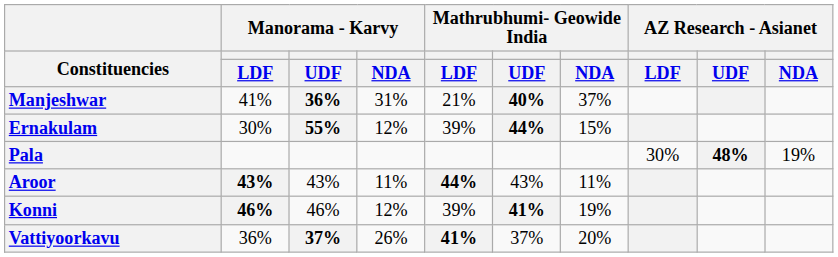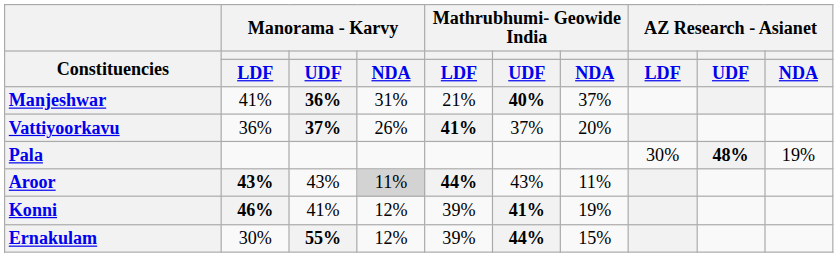 <table class="wikitable sortable" style="text-align:center;font-size:95%;line-height:16px">
 <tr>
 <th></th>
 <th width="150" colspan="3"><strong>Manorama  - Karvy</strong></th>
 <th width="150" colspan="3"><strong>Mathrubhumi- Geowide India</strong></th>
 <th colspan="3"><strong>AZ Research - Asianet</strong></th>
 </tr>
 <tr>
 <th width="175" rowspan="2"><strong>Constituencies</strong></th>
 <th style="background:"></th>
 <th style="background:"></th>
 <th style="background:"></th>
 <th style="background:"></th>
 <th style="background:"></th>
 <th style="background:"></th>
 <th style="background:"></th>
 <th style="background:"></th>
 <th style="background:"></th>
 </tr>
 <tr>
 <th width="50" class="unsortable "><a href='#'>LDF</a></th>
 <th width="50" class="unsortable "><a href='#'>UDF</a></th>
 <th width="50" class="unsortable "><a href='#'>NDA</a></th>
 <th width="50" class="unsortable "><a href='#'>LDF</a></th>
 <th width="50" class="unsortable "><a href='#'>UDF</a></th>
 <th width="50" class="unsortable "><a href='#'>NDA</a></th>
 <th width="50" class="unsortable "><a href='#'>LDF</a></th>
 <th width="50" class="unsortable "><a href='#'>UDF</a></th>
 <th width="50" class="unsortable "><a href='#'>NDA</a></th>
 </tr>
 <tr>
 <th style="text-align:left"><a href='#'>Manjeshwar</a></th>
 <td>41%</td>
 <th style="background:"><strong>36%</strong></th>
 <td>31%</td>
 <td>21%</td>
 <th style="background:"><strong>40%</strong></th>
 <td>37%</td>
 <td></td>
 <th></th>
 <td></td>
 </tr>
 <tr>
-<th style="text-align:left"><a href='#'>Ernakulam</a></th>
-<td>30%</td>
-<th style="background:"><strong>55%</strong></th>
-<td>12%</td>
-<td>39%</td>
-<th style="background:"><strong>44%</strong></th>
-<td>15%</td>
+<th style="text-align:left"><a href='#'>Vattiyoorkavu</a></th>
+<td>36%</td>
+<th style="background:"><strong>37%</strong></th>
+<td>26%</td>
+<th style="background:"><strong>41%</strong></th>
+<td>37%</td>
+<td>20%</td>
 <th></th>
 <td></td>
 <td></td>
 </tr>
 <tr>
 <th style="text-align:left"><a href='#'>Pala</a></th>
 <td></td>
 <td></td>
 <td></td>
 <td></td>
 <td></td>
 <td></td>
 <td>30%</td>
 <th style="background:"><strong>48%</strong></th>
 <td>19%</td>
 </tr>
 <tr>
 <th style="text-align:left"><a href='#'>Aroor</a></th>
 <th style="background:"><strong>43%</strong></th>
 <td>43%</td>
-<td>11%</td>
+<td style="background: lightgrey;">11%</td>
 <th style="background:"><strong>44%</strong></th>
 <td>43%</td>
 <td>11%</td>
 <th></th>
 <td></td>
 <td></td>
 </tr>
 <tr>
 <th style="text-align:left"><a href='#'>Konni</a></th>
 <th style="background:"><strong>46%</strong></th>
-<td>46%</td>
+<td>41%</td>
 <td>12%</td>
 <td>39%</td>
 <th style="background:"><strong>41%</strong></th>
 <td>19%</td>
 <th></th>
 <td></td>
 <td></td>
 </tr>
 <tr>
-<th style="text-align:left"><a href='#'>Vattiyoorkavu</a></th>
-<td>36%</td>
-<th style="background:"><strong>37%</strong></th>
-<td>26%</td>
-<th style="background:"><strong>41%</strong></th>
-<td>37%</td>
-<td>20%</td>
+<th style="text-align:left"><a href='#'>Ernakulam</a></th>
+<td>30%</td>
+<th style="background:"><strong>55%</strong></th>
+<td>12%</td>
+<td>39%</td>
+<th style="background:"><strong>44%</strong></th>
+<td>15%</td>
 <th></th>
 <td></td>
 <td></td>
 </tr>
 </table>
